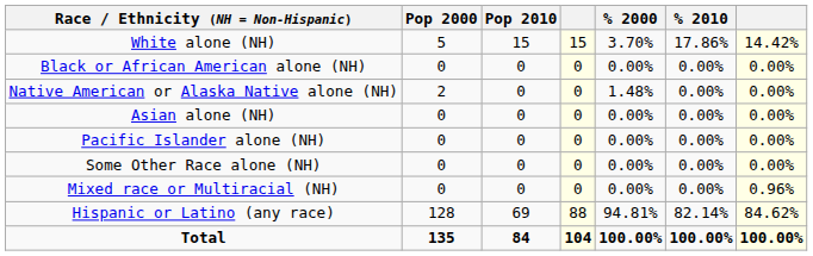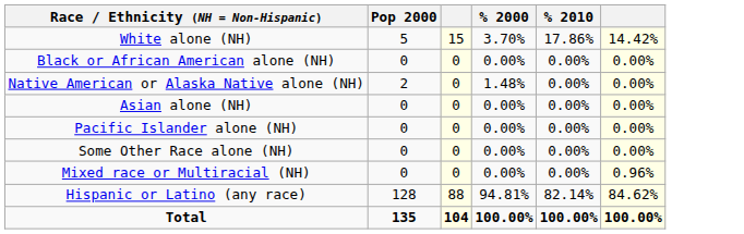 <table class="wikitable" style="text-align:center;">
 <tr>
 <th>Race / Ethnicity <small>(<em>NH = Non-Hispanic</em>)</small></th>
 <th>Pop 2000</th>
-<th>Pop 2010</th>
 <th></th>
 <th>% 2000</th>
 <th>% 2010</th>
 <th></th>
 </tr>
 <tr>
 <td><a href='#'>White</a> alone (NH)</td>
 <td>5</td>
-<td>15</td>
 <td style='background: #ffffe6;'>15</td>
 <td>3.70%</td>
 <td>17.86%</td>
 <td style='background: #ffffe6;'>14.42%</td>
 </tr>
 <tr>
 <td><a href='#'>Black or African American</a> alone (NH)</td>
-<td>0</td>
 <td>0</td>
 <td style='background: #ffffe6;'>0</td>
 <td>0.00%</td>
 <td>0.00%</td>
 <td style='background: #ffffe6;'>0.00%</td>
 </tr>
 <tr>
 <td><a href='#'>Native American</a> or <a href='#'>Alaska Native</a> alone (NH)</td>
 <td>2</td>
-<td>0</td>
 <td style='background: #ffffe6;'>0</td>
 <td>1.48%</td>
 <td>0.00%</td>
 <td style='background: #ffffe6;'>0.00%</td>
 </tr>
 <tr>
 <td><a href='#'>Asian</a> alone (NH)</td>
-<td>0</td>
 <td>0</td>
 <td style='background: #ffffe6;'>0</td>
 <td>0.00%</td>
 <td>0.00%</td>
 <td style='background: #ffffe6;'>0.00%</td>
 </tr>
 <tr>
 <td><a href='#'>Pacific Islander</a> alone (NH)</td>
 <td>0</td>
-<td>0</td>
 <td style='background: #ffffe6;'>0</td>
 <td>0.00%</td>
 <td>0.00%</td>
 <td style='background: #ffffe6;'>0.00%</td>
 </tr>
 <tr>
 <td>Some Other Race alone (NH)</td>
-<td>0</td>
 <td>0</td>
 <td style='background: #ffffe6;'>0</td>
 <td>0.00%</td>
 <td>0.00%</td>
 <td style='background: #ffffe6;'>0.00%</td>
 </tr>
 <tr>
 <td><a href='#'>Mixed race or Multiracial</a> (NH)</td>
 <td>0</td>
-<td>0</td>
 <td style='background: #ffffe6;'>0</td>
 <td>0.00%</td>
 <td>0.00%</td>
 <td style='background: #ffffe6;'>0.96%</td>
 </tr>
 <tr>
 <td><a href='#'>Hispanic or Latino</a> (any race)</td>
 <td>128</td>
-<td>69</td>
 <td style='background: #ffffe6;'>88</td>
 <td>94.81%</td>
 <td>82.14%</td>
 <td style='background: #ffffe6;'>84.62%</td>
 </tr>
 <tr>
 <td><strong>Total</strong></td>
 <td><strong>135</strong></td>
-<td><strong>84</strong></td>
 <td style='background: #ffffe6;'><strong>104</strong></td>
 <td><strong>100.00%</strong></td>
 <td><strong>100.00%</strong></td>
 <td style='background: #ffffe6;'><strong>100.00%</strong></td>
 </tr>
 </table>
